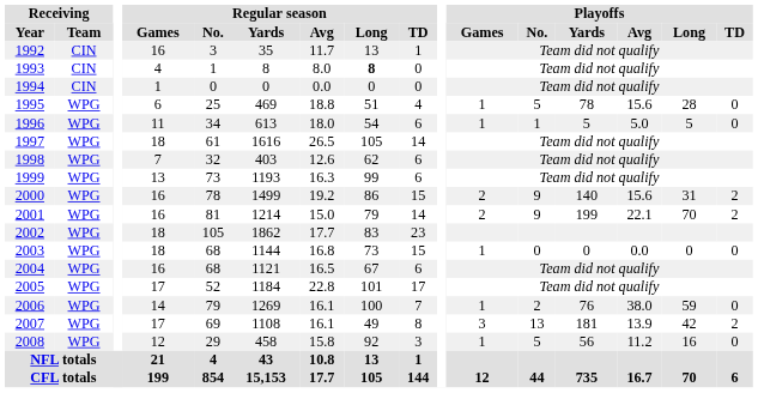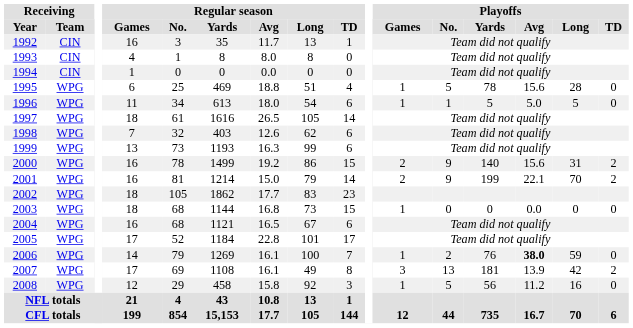 <table BORDER="0" CELLPADDING="1" CELLSPACING="0" width="65%" style="text-align:center">
 <tr bgcolor="#e0e0e0">
 <th colspan="2">Receiving</th>
 <th rowspan="99" bgcolor="#ffffff"> </th>
 <th colspan="6">Regular season</th>
 <th rowspan="99" bgcolor="#ffffff"> </th>
 <th colspan="6">Playoffs</th>
 </tr>
 <tr bgcolor="#e0e0e0">
 <th>Year</th>
 <th>Team</th>
 <th>Games</th>
 <th>No.</th>
 <th>Yards</th>
 <th>Avg</th>
 <th>Long</th>
 <th>TD</th>
 <th>Games</th>
 <th>No.</th>
 <th>Yards</th>
 <th>Avg</th>
 <th>Long</th>
 <th>TD</th>
 </tr>
 <tr ALIGN="center" bgcolor="#f0f0f0">
 <td><a href='#'>1992</a></td>
 <td><a href='#'>CIN</a></td>
 <td>16</td>
 <td>3</td>
 <td>35</td>
 <td>11.7</td>
 <td>13</td>
 <td>1</td>
 <td colspan="6"><em>Team did not qualify</em></td>
 </tr>
 <tr ALIGN="center">
 <td><a href='#'>1993</a></td>
 <td><a href='#'>CIN</a></td>
 <td>4</td>
 <td>1</td>
 <td>8</td>
 <td>8.0</td>
-<td><strong>8</strong></td>
+<td>8</td>
 <td>0</td>
 <td colspan="6"><em>Team did not qualify</em></td>
 </tr>
 <tr ALIGN="center" bgcolor="#f0f0f0">
 <td><a href='#'>1994</a></td>
 <td><a href='#'>CIN</a></td>
 <td>1</td>
 <td>0</td>
 <td>0</td>
 <td>0.0</td>
 <td>0</td>
 <td>0</td>
 <td colspan="6"><em>Team did not qualify</em></td>
 </tr>
 <tr ALIGN="center">
 <td><a href='#'>1995</a></td>
 <td><a href='#'>WPG</a></td>
 <td>6</td>
 <td>25</td>
 <td>469</td>
 <td>18.8</td>
 <td>51</td>
 <td>4</td>
 <td>1</td>
 <td>5</td>
 <td>78</td>
 <td>15.6</td>
 <td>28</td>
 <td>0</td>
 </tr>
 <tr ALIGN="center" bgcolor="#f0f0f0">
 <td><a href='#'>1996</a></td>
 <td><a href='#'>WPG</a></td>
 <td>11</td>
 <td>34</td>
 <td>613</td>
 <td>18.0</td>
 <td>54</td>
 <td>6</td>
 <td>1</td>
 <td>1</td>
 <td>5</td>
 <td>5.0</td>
 <td>5</td>
 <td>0</td>
 </tr>
 <tr ALIGN="center">
 <td><a href='#'>1997</a></td>
 <td><a href='#'>WPG</a></td>
 <td>18</td>
 <td>61</td>
 <td>1616</td>
 <td>26.5</td>
 <td>105</td>
 <td>14</td>
 <td colspan="6"><em>Team did not qualify</em></td>
 </tr>
 <tr ALIGN="center" bgcolor="#f0f0f0">
 <td><a href='#'>1998</a></td>
 <td><a href='#'>WPG</a></td>
 <td>7</td>
 <td>32</td>
 <td>403</td>
 <td>12.6</td>
 <td>62</td>
 <td>6</td>
 <td colspan="6"><em>Team did not qualify</em></td>
 </tr>
 <tr ALIGN="center">
 <td><a href='#'>1999</a></td>
 <td><a href='#'>WPG</a></td>
 <td>13</td>
 <td>73</td>
 <td>1193</td>
 <td>16.3</td>
 <td>99</td>
 <td>6</td>
 <td colspan="6"><em>Team did not qualify</em></td>
 </tr>
 <tr ALIGN="center" bgcolor="#f0f0f0">
 <td><a href='#'>2000</a></td>
 <td><a href='#'>WPG</a></td>
 <td>16</td>
 <td>78</td>
 <td>1499</td>
 <td>19.2</td>
 <td>86</td>
 <td>15</td>
 <td>2</td>
 <td>9</td>
 <td>140</td>
 <td>15.6</td>
 <td>31</td>
 <td>2</td>
 </tr>
 <tr ALIGN="center">
 <td><a href='#'>2001</a></td>
 <td><a href='#'>WPG</a></td>
 <td>16</td>
 <td>81</td>
 <td>1214</td>
 <td>15.0</td>
 <td>79</td>
 <td>14</td>
 <td>2</td>
 <td>9</td>
 <td>199</td>
 <td>22.1</td>
 <td>70</td>
 <td>2</td>
 </tr>
 <tr ALIGN="center" bgcolor="#f0f0f0">
 <td><a href='#'>2002</a></td>
 <td><a href='#'>WPG</a></td>
 <td>18</td>
 <td>105</td>
 <td>1862</td>
 <td>17.7</td>
 <td>83</td>
 <td>23</td>
 <td></td>
 <td></td>
 <td></td>
 <td></td>
 <td></td>
 <td></td>
 </tr>
 <tr ALIGN="center">
 <td><a href='#'>2003</a></td>
 <td><a href='#'>WPG</a></td>
 <td>18</td>
 <td>68</td>
 <td>1144</td>
 <td>16.8</td>
 <td>73</td>
 <td>15</td>
 <td>1</td>
 <td>0</td>
 <td>0</td>
 <td>0.0</td>
 <td>0</td>
 <td>0</td>
 </tr>
 <tr ALIGN="center" bgcolor="#f0f0f0">
 <td><a href='#'>2004</a></td>
 <td><a href='#'>WPG</a></td>
 <td>16</td>
 <td>68</td>
 <td>1121</td>
 <td>16.5</td>
 <td>67</td>
 <td>6</td>
 <td colspan="6"><em>Team did not qualify</em></td>
 </tr>
 <tr ALIGN="center">
 <td><a href='#'>2005</a></td>
 <td><a href='#'>WPG</a></td>
 <td>17</td>
 <td>52</td>
 <td>1184</td>
 <td>22.8</td>
 <td>101</td>
 <td>17</td>
 <td colspan="6"><em>Team did not qualify</em></td>
 </tr>
 <tr ALIGN="center" bgcolor="#f0f0f0">
 <td><a href='#'>2006</a></td>
 <td><a href='#'>WPG</a></td>
 <td>14</td>
 <td>79</td>
 <td>1269</td>
 <td>16.1</td>
 <td>100</td>
 <td>7</td>
 <td>1</td>
 <td>2</td>
 <td>76</td>
-<td>38.0</td>
+<td><strong>38.0</strong></td>
 <td>59</td>
 <td>0</td>
 </tr>
 <tr ALIGN="center">
 <td><a href='#'>2007</a></td>
 <td><a href='#'>WPG</a></td>
 <td>17</td>
 <td>69</td>
 <td>1108</td>
 <td>16.1</td>
 <td>49</td>
 <td>8</td>
 <td>3</td>
 <td>13</td>
 <td>181</td>
 <td>13.9</td>
 <td>42</td>
 <td>2</td>
 </tr>
 <tr ALIGN="center" bgcolor="#f0f0f0">
 <td><a href='#'>2008</a></td>
 <td><a href='#'>WPG</a></td>
 <td>12</td>
 <td>29</td>
 <td>458</td>
 <td>15.8</td>
 <td>92</td>
 <td>3</td>
 <td>1</td>
 <td>5</td>
 <td>56</td>
 <td>11.2</td>
 <td>16</td>
 <td>0</td>
 </tr>
 <tr bgcolor="#e0e0e0">
 <th colspan="3"><a href='#'>NFL</a> totals</th>
 <th>21</th>
 <th>4</th>
 <th>43</th>
 <th>10.8</th>
 <th>13</th>
 <th>1</th>
 <th></th>
 <th></th>
 <th></th>
 <th></th>
 <th></th>
 <th></th>
 </tr>
 <tr bgcolor="#e0e0e0">
 <th colspan="3"><a href='#'>CFL</a> totals</th>
 <th>199</th>
 <th>854</th>
 <th>15,153</th>
 <th>17.7</th>
 <th>105</th>
 <th>144</th>
 <th>12</th>
 <th>44</th>
 <th>735</th>
 <th>16.7</th>
 <th>70</th>
 <th>6</th>
 </tr>
 </table>
